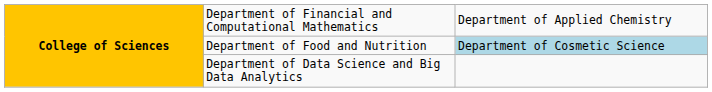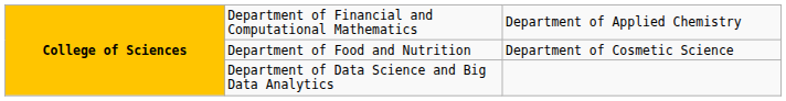 <table class="wikitable">
 <tr>
 <th rowspan="3" width="220" style="background-color: #ffc500;"><span> College of Sciences</span></th>
 <td width="280">Department of Financial and Computational Mathematics</td>
 <td width="280">Department of Applied Chemistry</td>
 </tr>
 <tr>
 <td width="280">Department of Food and Nutrition</td>
-<td width="280" style="background: lightblue;">Department of Cosmetic Science</td>
+<td width="280">Department of Cosmetic Science</td>
 </tr>
 <tr>
 <td width="280">Department of Data Science and Big Data Analytics</td>
 <td width="280"></td>
 </tr>
 </table>
